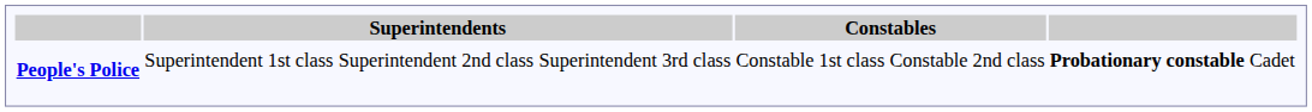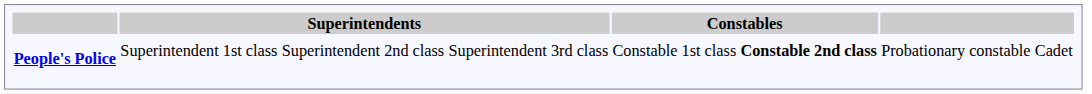 <table style="border:1px solid #8888aa; background-color:#f7f8ff; padding:5px; font-size:95%; margin: 0px 12px 12px 0px;">
 <tr style="background-color:#CCCCCC;">
 <th></th>
 <th colspan=3>Superintendents</th>
 <th colspan=2>Constables</th>
 <th colspan=2></th>
 </tr>
 <tr style="text-align:center;">
 <td rowspan=2><strong> <a href='#'>People's Police</a></strong></td>
 <td></td>
 <td></td>
 <td></td>
 <td></td>
 <td></td>
 <td></td>
 <td></td>
 </tr>
 <tr style="text-align:center;">
 <td>Superintendent 1st class<br><br></td>
 <td>Superintendent 2nd class<br><br></td>
 <td>Superintendent 3rd class<br><br></td>
 <td>Constable 1st class<br><br></td>
-<td>Constable 2nd class<br><br></td>
-<td><strong>Probationary constable<br><br></strong></td>
+<td><strong>Constable 2nd class<br><br></strong></td>
+<td>Probationary constable<br><br></td>
 <td>Cadet<br><br></td>
 </tr>
 </table>
